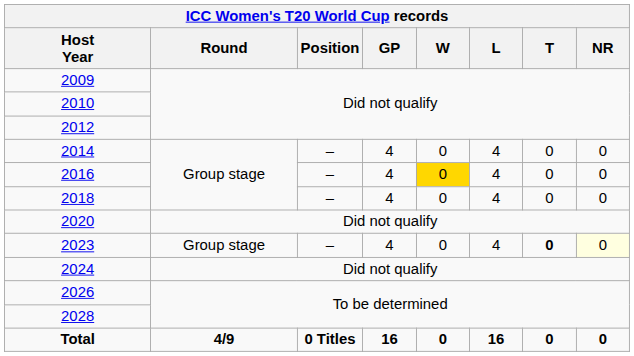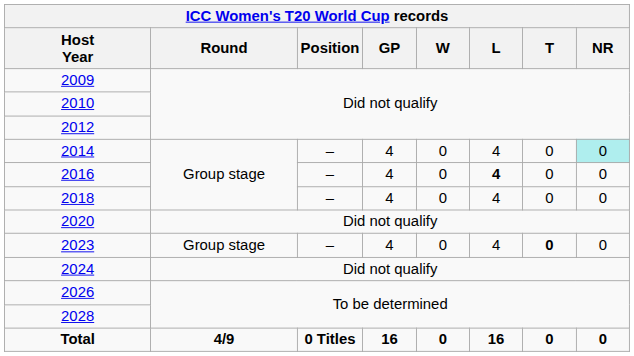 <table class="wikitable" style="text-align: center; width=900px;">
 <tr>
 <th colspan="8"><a href='#'>ICC Women's T20 World Cup</a> records</th>
 </tr>
 <tr>
 <th width=150>Host<br>Year</th>
 <th width=150>Round</th>
 <th width=50>Position</th>
 <th width=50>GP</th>
 <th width=50>W</th>
 <th width=50>L</th>
 <th width=50>T</th>
 <th width=50>NR</th>
 </tr>
 <tr>
 <td> <a href='#'>2009</a></td>
 <td colspan=7  rowspan=3>Did not qualify</td>
 </tr>
 <tr>
 <td> <a href='#'>2010</a></td>
 </tr>
 <tr>
 <td> <a href='#'>2012</a></td>
 </tr>
 <tr>
 <td> <a href='#'>2014</a></td>
 <td rowspan=3>Group stage</td>
 <td>–</td>
 <td>4</td>
 <td>0</td>
 <td>4</td>
 <td>0</td>
-<td>0</td>
+<td style="background: paleturquoise;">0</td>
 </tr>
 <tr>
 <td> <a href='#'>2016</a></td>
 <td>–</td>
 <td>4</td>
-<td style="background: gold;">0</td>
-<td>4</td>
+<td>0</td>
+<td><strong>4</strong></td>
 <td>0</td>
 <td>0</td>
 </tr>
 <tr>
 <td> <a href='#'>2018</a></td>
 <td>–</td>
 <td>4</td>
 <td>0</td>
 <td>4</td>
 <td>0</td>
 <td>0</td>
 </tr>
 <tr>
 <td> <a href='#'>2020</a></td>
 <td colspan=8>Did not qualify</td>
 </tr>
 <tr>
 <td> <a href='#'>2023</a></td>
 <td>Group stage</td>
 <td>–</td>
 <td>4</td>
 <td>0</td>
 <td>4</td>
 <td><strong>0</strong></td>
-<td style="background: lightyellow;">0</td>
+<td>0</td>
 </tr>
 <tr>
 <td> <a href='#'>2024</a></td>
 <td colspan=8>Did not qualify</td>
 </tr>
 <tr>
 <td> <a href='#'>2026</a></td>
 <td rowspan =2 colspan="7">To be determined</td>
 </tr>
 <tr>
 <td> <a href='#'>2028</a></td>
 </tr>
 <tr>
 <td><strong>Total</strong></td>
 <td><strong>4/9</strong></td>
 <td><strong>0 Titles</strong></td>
 <td><strong>16</strong></td>
 <td><strong>0</strong></td>
 <td><strong>16</strong></td>
 <td><strong>0</strong></td>
 <td><strong>0</strong></td>
 </tr>
 </table>
